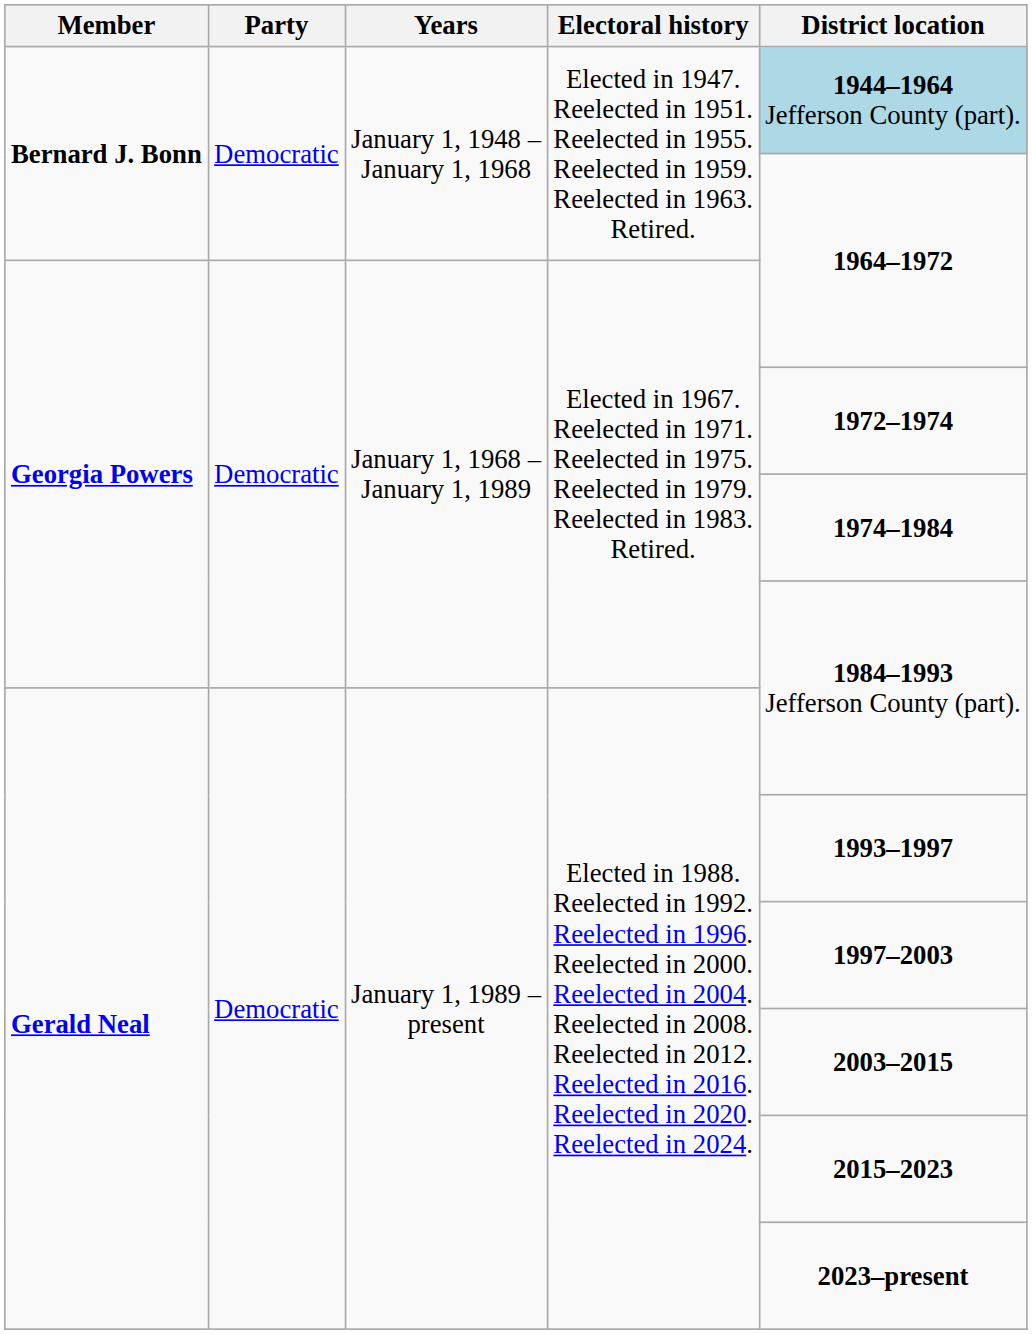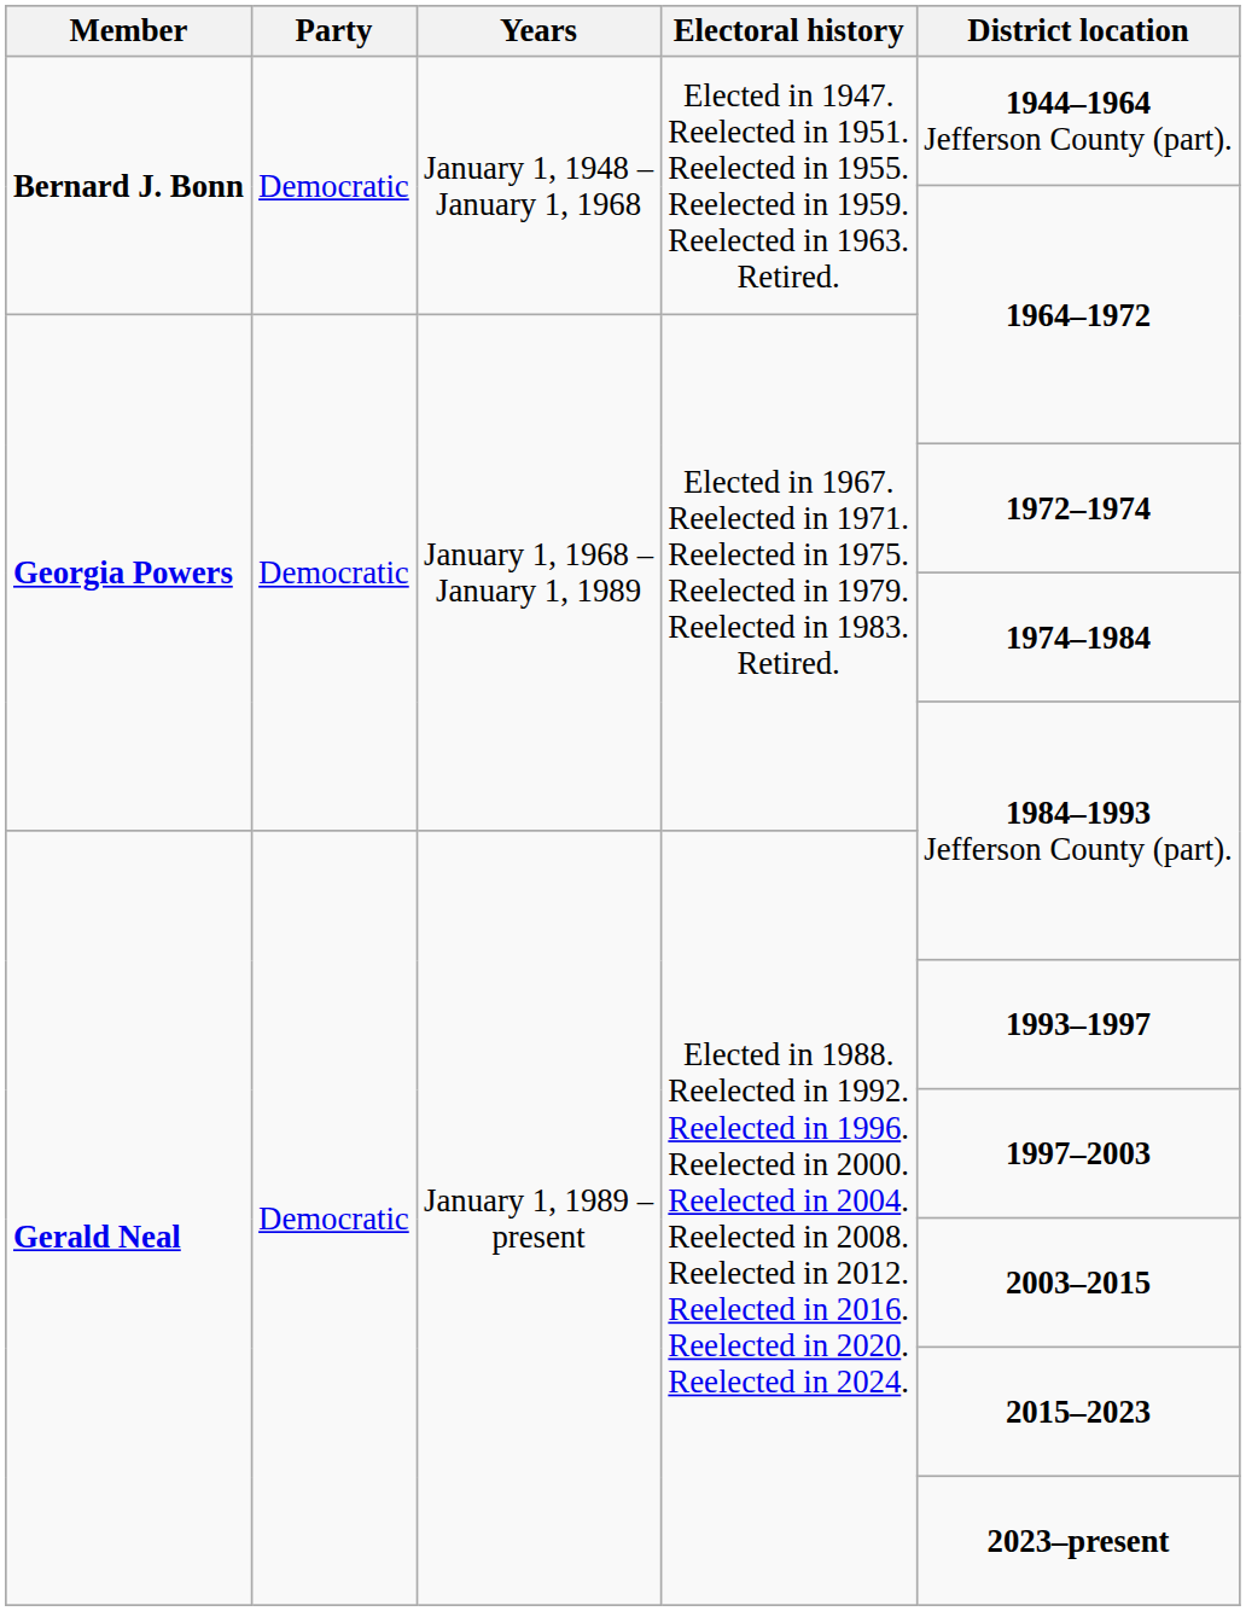 <table class=wikitable style="text-align:center">
 <tr>
 <th>Member</th>
 <th>Party</th>
 <th>Years</th>
 <th>Electoral history</th>
 <th>District location</th>
 </tr>
 <tr style="height:4em">
 <td rowspan=2 align=left><strong>Bernard J. Bonn</strong><br></td>
 <td rowspan=2 ><a href='#'>Democratic</a></td>
 <td rowspan=2 nowrap>January 1, 1948 –<br>January 1, 1968</td>
 <td rowspan=2>Elected in 1947.<br>Reelected in 1951.<br>Reelected in 1955.<br>Reelected in 1959.<br>Reelected in 1963.<br>Retired.</td>
-<td style="background: lightblue;"><strong>1944–1964</strong><br>Jefferson County (part).</td>
+<td><strong>1944–1964</strong><br>Jefferson County (part).</td>
 </tr>
 <tr style="height:4em">
 <td rowspan=2><strong>1964–1972</strong><br></td>
 </tr>
 <tr style="height:4em">
 <td rowspan=4 align=left><strong><a href='#'>Georgia Powers</a></strong><br></td>
 <td rowspan=4 ><a href='#'>Democratic</a></td>
 <td rowspan=4 nowrap>January 1, 1968 –<br>January 1, 1989</td>
 <td rowspan=4>Elected in 1967.<br>Reelected in 1971.<br>Reelected in 1975.<br>Reelected in 1979.<br>Reelected in 1983.<br>Retired.</td>
 </tr>
 <tr style="height:4em">
 <td><strong>1972–1974</strong><br></td>
 </tr>
 <tr style="height:4em">
 <td><strong>1974–1984</strong><br></td>
 </tr>
 <tr style="height:4em">
 <td rowspan=2><strong>1984–1993</strong><br>Jefferson County (part).</td>
 </tr>
 <tr style="height:4em">
 <td rowspan=6 align=left><br><strong><a href='#'>Gerald Neal</a></strong><br></td>
 <td rowspan=6 ><a href='#'>Democratic</a></td>
 <td rowspan=6 nowrap>January 1, 1989 –<br>present</td>
 <td rowspan=6>Elected in 1988.<br>Reelected in 1992.<br><a href='#'>Reelected in 1996</a>.<br>Reelected in 2000.<br><a href='#'>Reelected in 2004</a>.<br>Reelected in 2008.<br>Reelected in 2012.<br><a href='#'>Reelected in 2016</a>.<br><a href='#'>Reelected in 2020</a>.<br><a href='#'>Reelected in 2024</a>.</td>
 </tr>
 <tr style="height:4em">
 <td><strong>1993–1997</strong><br></td>
 </tr>
 <tr style="height:4em">
 <td><strong>1997–2003</strong><br></td>
 </tr>
 <tr style="height:4em">
 <td><strong>2003–2015</strong><br></td>
 </tr>
 <tr style="height:4em">
 <td><strong>2015–2023</strong><br></td>
 </tr>
 <tr style="height:4em">
 <td><strong>2023–present</strong><br></td>
 </tr>
 </table>
